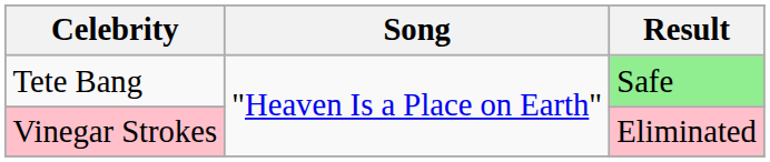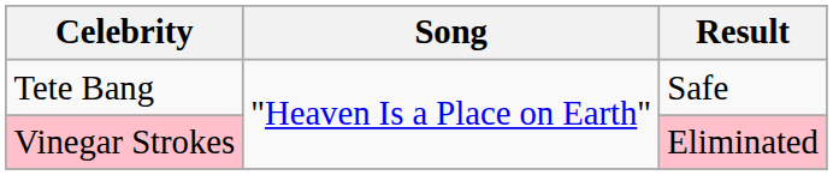 <table class="wikitable sortable collapsed">
 <tr>
 <th>Celebrity</th>
 <th>Song</th>
 <th>Result</th>
 </tr>
 <tr>
 <td>Tete Bang</td>
 <td rowspan=2>"<a href='#'>Heaven Is a Place on Earth</a>"</td>
-<td style="background: lightgreen;">Safe</td>
+<td>Safe</td>
 </tr>
 <tr>
 <td style="background:pink;">Vinegar Strokes</td>
 <td style="background:pink;">Eliminated</td>
 </tr>
 </table>
